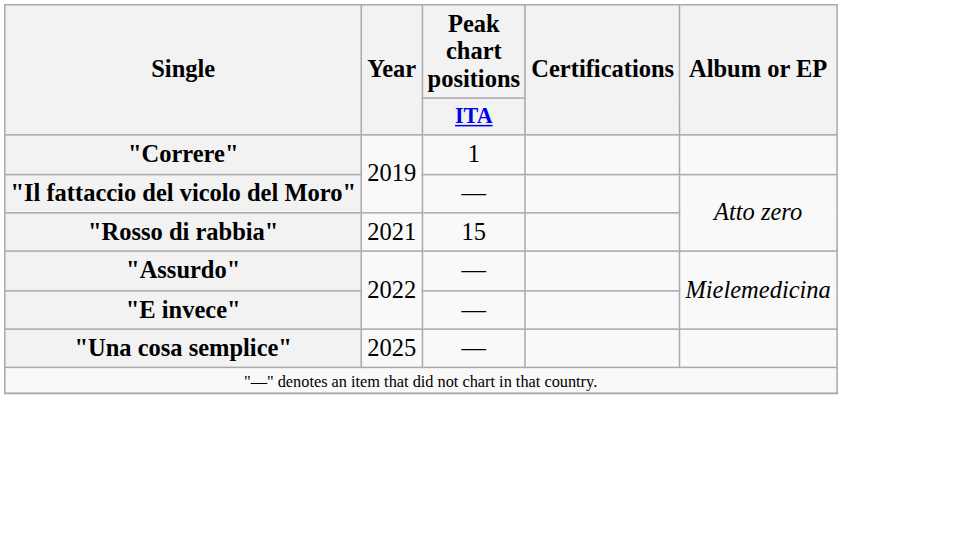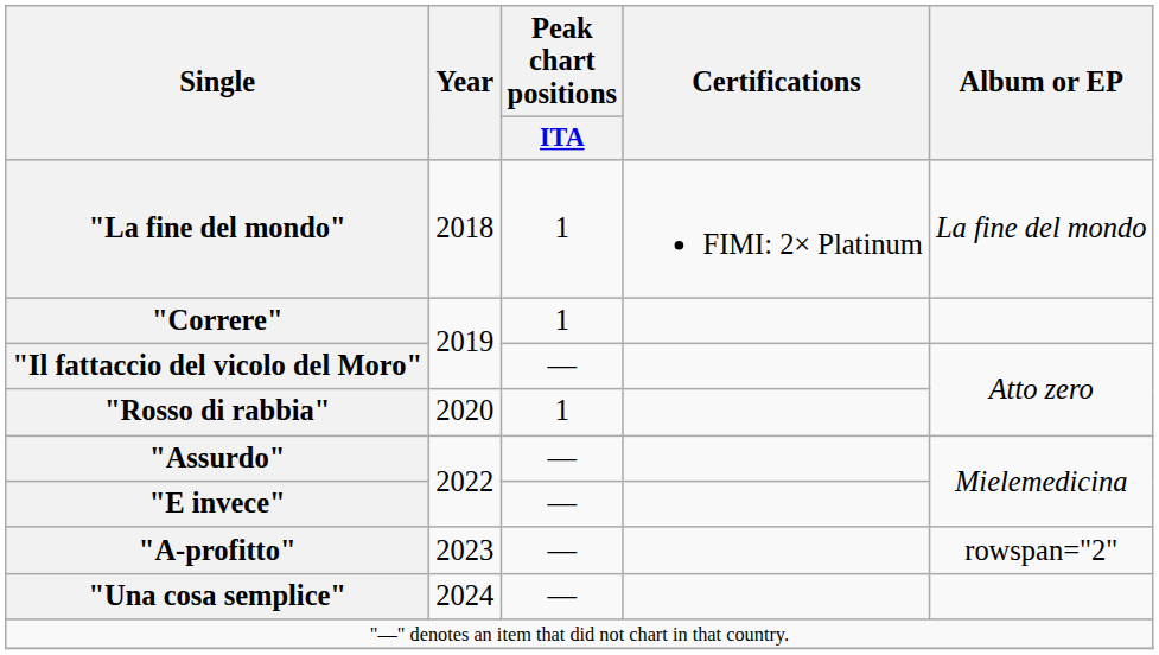 <table class="wikitable plainrowheaders" style="text-align:center;">
 <tr>
 <th scope="col" rowspan="2">Single</th>
 <th scope="col" rowspan="2">Year</th>
 <th scope="col" colspan="1">Peak chart positions</th>
 <th scope="col" rowspan="2">Certifications</th>
 <th scope="col" rowspan="2">Album or EP</th>
 </tr>
 <tr>
 <th scope="col" style="width:3em;font-size:90%;"><a href='#'>ITA</a><br></th>
+</tr>
+<tr>
+<th scope="row">"La fine del mondo"</th>
+<td>2018</td>
+<td>1</td>
+<td><br><ul><li>FIMI: 2× Platinum</li></ul></td>
+<td><em>La fine del mondo</em></td>
 </tr>
 <tr>
 <th scope="row">"Correre"</th>
 <td rowspan="2">2019</td>
 <td>1</td>
 <td></td>
 <td></td>
 </tr>
 <tr>
 <th scope="row">"Il fattaccio del vicolo del Moro"</th>
 <td>—</td>
 <td></td>
 <td rowspan="2"><em>Atto zero</em></td>
 </tr>
 <tr>
 <th scope="row">"Rosso di rabbia"</th>
-<td>2021</td>
-<td>15</td>
+<td>2020</td>
+<td>1</td>
 <td></td>
 </tr>
 <tr>
 <th scope="row">"Assurdo"</th>
 <td rowspan="2">2022</td>
 <td>—</td>
 <td></td>
 <td rowspan="2"><em>Mielemedicina</em></td>
 </tr>
 <tr>
 <th scope="row">"E invece"</th>
 <td>—</td>
 <td></td>
 </tr>
 <tr>
+<th scope="row">"A-profitto"</th>
+<td>2023</td>
+<td>—</td>
+<td></td>
+<td>rowspan="2" </td>
+</tr>
+<tr>
 <th scope="row">"Una cosa semplice"</th>
-<td>2025</td>
+<td>2024</td>
 <td>—</td>
 <td></td>
 </tr>
 <tr>
 <td colspan="5" style="text-align:center; font-size:8pt;">"—" denotes an item that did not chart in that country.</td>
 </tr>
 <tr>
 </tr>
 </table>
